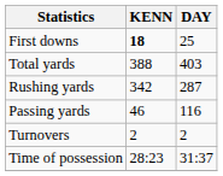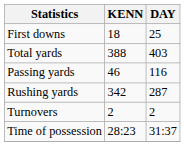 <table class="wikitable">
 <tr>
 <th>Statistics</th>
 <th>KENN</th>
 <th>DAY</th>
 </tr>
 <tr>
 <td>First downs</td>
-<td><strong>18</strong></td>
+<td>18</td>
 <td>25</td>
 </tr>
 <tr>
 <td>Total yards</td>
 <td>388</td>
 <td>403</td>
 </tr>
 <tr>
+<td>Passing yards</td>
+<td>46</td>
+<td>116</td>
+</tr>
+<tr>
 <td>Rushing yards</td>
 <td>342</td>
 <td>287</td>
-</tr>
-<tr>
-<td>Passing yards</td>
-<td>46</td>
-<td>116</td>
 </tr>
 <tr>
 <td>Turnovers</td>
 <td>2</td>
 <td>2</td>
 </tr>
 <tr>
 <td>Time of possession</td>
 <td>28:23</td>
 <td>31:37</td>
 </tr>
 <tr>
 </tr>
 </table>
